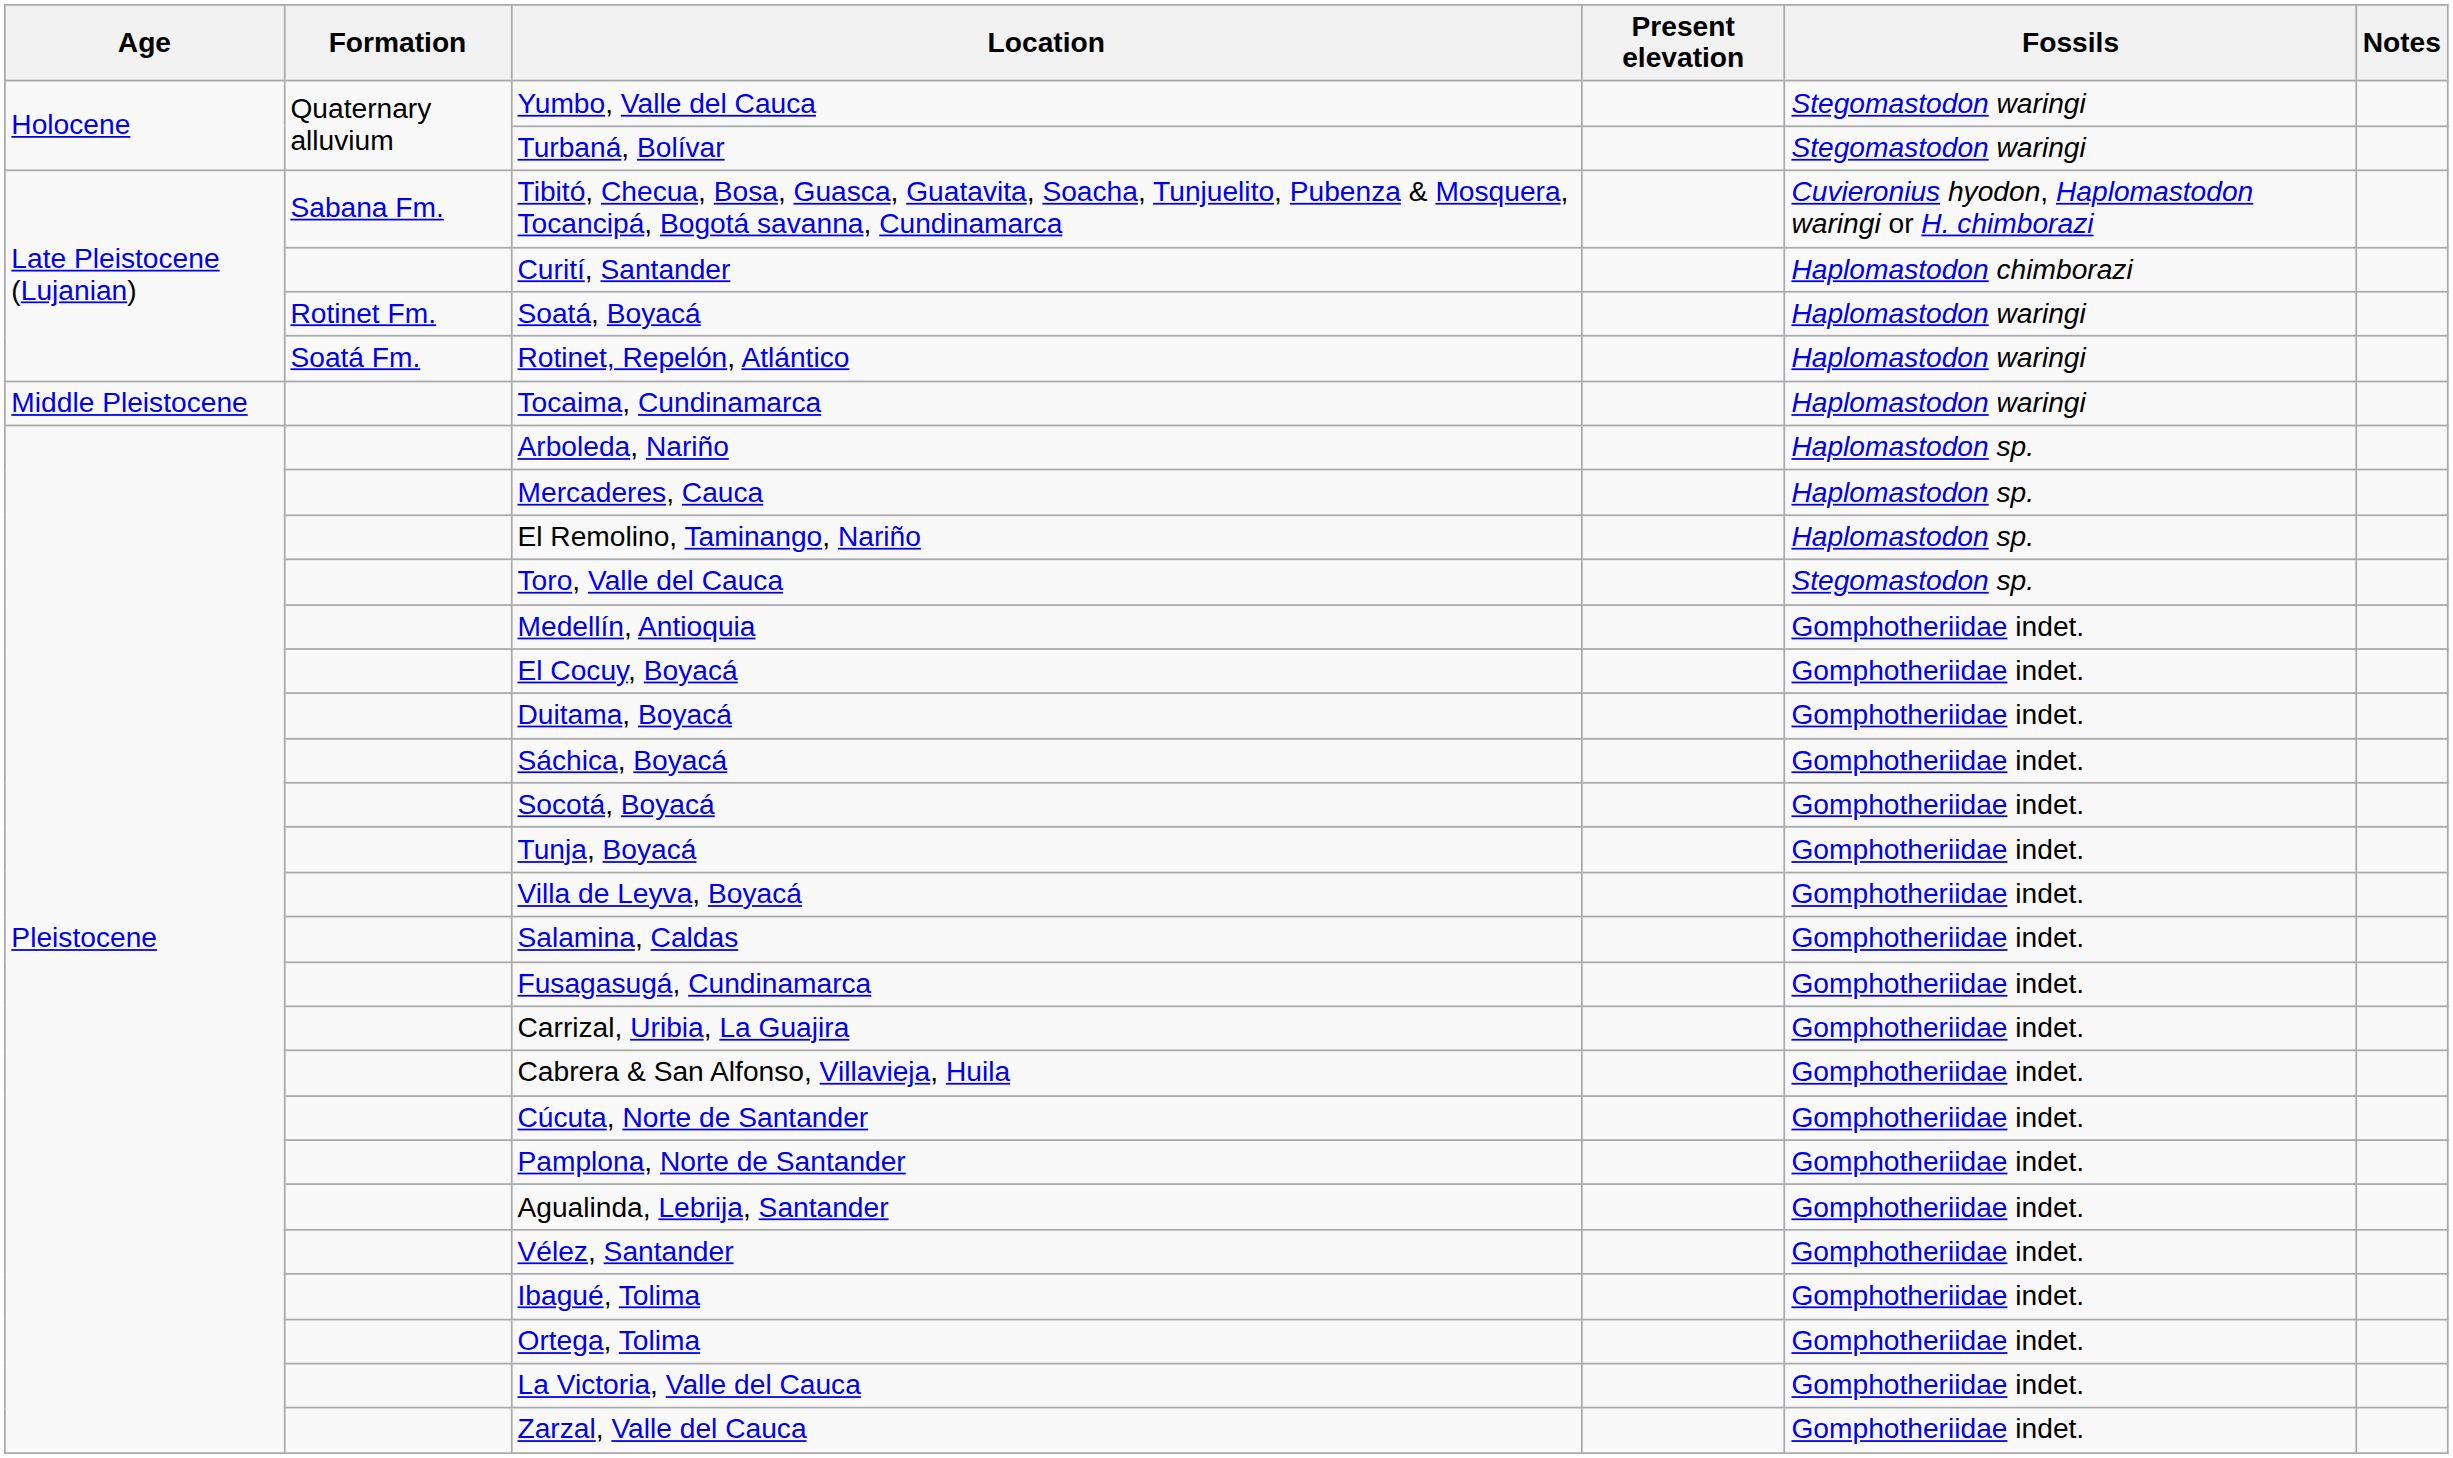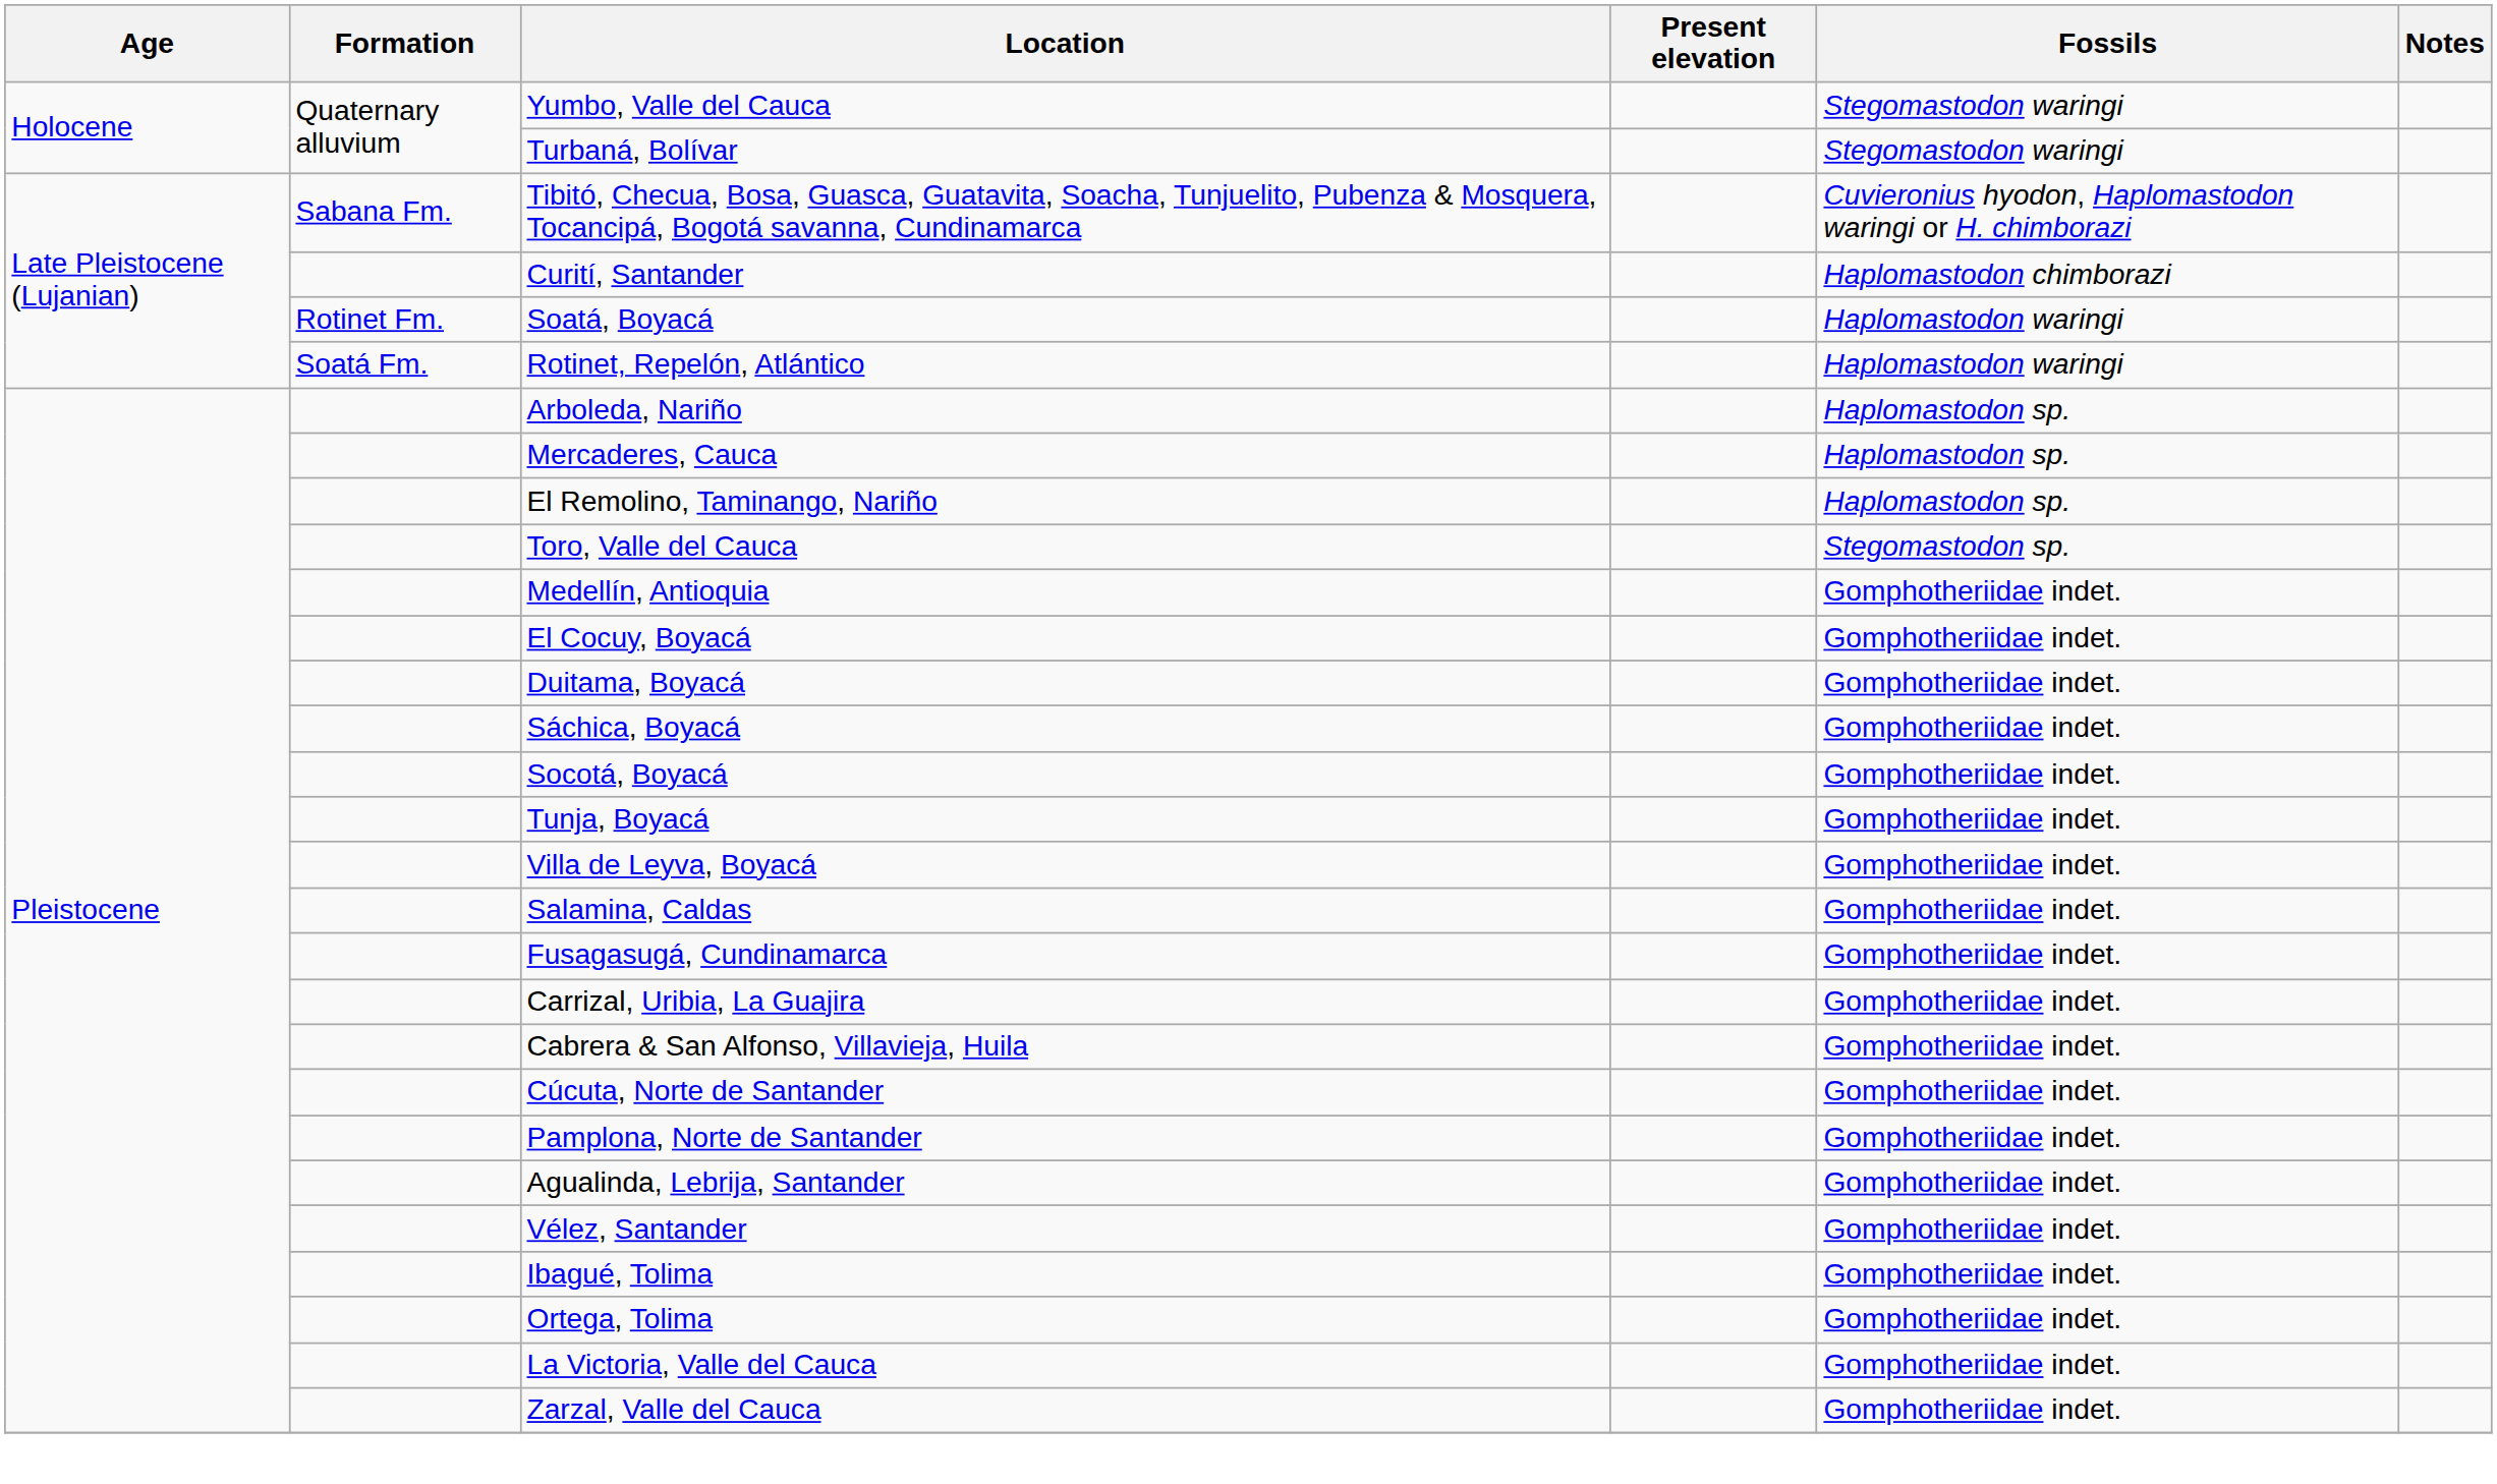 <table class="wikitable sortable" style="width: 70%;">
 <tr>
 <th>Age</th>
 <th>Formation</th>
 <th>Location</th>
 <th>Present elevation</th>
 <th>Fossils</th>
 <th class="unsortable">Notes</th>
 </tr>
 <tr>
 <td rowspan=2 style="background-color: "><a href='#'>Holocene</a></td>
 <td rowspan=2>Quaternary alluvium</td>
 <td><a href='#'>Yumbo</a>, <a href='#'>Valle del Cauca</a></td>
 <td></td>
 <td><em><a href='#'>Stegomastodon</a> waringi</em></td>
 <td></td>
 </tr>
 <tr>
 <td><a href='#'>Turbaná</a>, <a href='#'>Bolívar</a></td>
 <td></td>
 <td><em><a href='#'>Stegomastodon</a> waringi</em></td>
 <td></td>
 </tr>
 <tr>
 <td rowspan=4 style="background-color: "><a href='#'>Late Pleistocene</a> (<a href='#'>Lujanian</a>)</td>
 <td><a href='#'>Sabana Fm.</a></td>
 <td><a href='#'>Tibitó</a>, <a href='#'>Checua</a>, <a href='#'>Bosa</a>, <a href='#'>Guasca</a>, <a href='#'>Guatavita</a>, <a href='#'>Soacha</a>, <a href='#'>Tunjuelito</a>, <a href='#'>Pubenza</a> & <a href='#'>Mosquera</a>, <a href='#'>Tocancipá</a>, <a href='#'>Bogotá savanna</a>, <a href='#'>Cundinamarca</a></td>
 <td></td>
 <td><em><a href='#'>Cuvieronius</a> hyodon</em>, <em><a href='#'>Haplomastodon</a> waringi</em> or <em><a href='#'>H. chimborazi</a></em></td>
 <td></td>
 </tr>
 <tr>
 <td></td>
 <td><a href='#'>Curití</a>, <a href='#'>Santander</a></td>
 <td></td>
 <td><em><a href='#'>Haplomastodon</a> chimborazi</em></td>
 <td></td>
 </tr>
 <tr>
 <td><a href='#'>Rotinet Fm.</a></td>
 <td><a href='#'>Soatá</a>, <a href='#'>Boyacá</a></td>
 <td></td>
 <td><em><a href='#'>Haplomastodon</a> waringi</em></td>
 <td></td>
 </tr>
 <tr>
 <td><a href='#'>Soatá Fm.</a></td>
 <td><a href='#'>Rotinet, Repelón</a>, <a href='#'>Atlántico</a></td>
-<td></td>
-<td><em><a href='#'>Haplomastodon</a> waringi</em></td>
-<td></td>
-</tr>
-<tr>
-<td style="background-color: "><a href='#'>Middle Pleistocene</a></td>
-<td></td>
-<td><a href='#'>Tocaima</a>, <a href='#'>Cundinamarca</a></td>
 <td></td>
 <td><em><a href='#'>Haplomastodon</a> waringi</em></td>
 <td></td>
 </tr>
 <tr>
 <td rowspan=23 style="background-color: "><a href='#'>Pleistocene</a></td>
 <td></td>
 <td><a href='#'>Arboleda</a>, <a href='#'>Nariño</a></td>
 <td></td>
 <td><em><a href='#'>Haplomastodon</a> sp.</em></td>
 <td></td>
 </tr>
 <tr>
 <td></td>
 <td><a href='#'>Mercaderes</a>, <a href='#'>Cauca</a></td>
 <td></td>
 <td><em><a href='#'>Haplomastodon</a> sp.</em></td>
 <td></td>
 </tr>
 <tr>
 <td></td>
 <td>El Remolino, <a href='#'>Taminango</a>, <a href='#'>Nariño</a></td>
 <td></td>
 <td><em><a href='#'>Haplomastodon</a> sp.</em></td>
 <td></td>
 </tr>
 <tr>
 <td></td>
 <td><a href='#'>Toro</a>, <a href='#'>Valle del Cauca</a></td>
 <td></td>
 <td><em><a href='#'>Stegomastodon</a> sp.</em></td>
 <td></td>
 </tr>
 <tr>
 <td></td>
 <td><a href='#'>Medellín</a>, <a href='#'>Antioquia</a></td>
 <td></td>
 <td><a href='#'>Gomphotheriidae</a> indet.</td>
 <td></td>
 </tr>
 <tr>
 <td></td>
 <td><a href='#'>El Cocuy</a>, <a href='#'>Boyacá</a></td>
 <td></td>
 <td><a href='#'>Gomphotheriidae</a> indet.</td>
 <td></td>
 </tr>
 <tr>
 <td></td>
 <td><a href='#'>Duitama</a>, <a href='#'>Boyacá</a></td>
 <td></td>
 <td><a href='#'>Gomphotheriidae</a> indet.</td>
 <td></td>
 </tr>
 <tr>
 <td></td>
 <td><a href='#'>Sáchica</a>, <a href='#'>Boyacá</a></td>
 <td></td>
 <td><a href='#'>Gomphotheriidae</a> indet.</td>
 <td></td>
 </tr>
 <tr>
 <td></td>
 <td><a href='#'>Socotá</a>, <a href='#'>Boyacá</a></td>
 <td></td>
 <td><a href='#'>Gomphotheriidae</a> indet.</td>
 <td></td>
 </tr>
 <tr>
 <td></td>
 <td><a href='#'>Tunja</a>, <a href='#'>Boyacá</a></td>
 <td></td>
 <td><a href='#'>Gomphotheriidae</a> indet.</td>
 <td></td>
 </tr>
 <tr>
 <td></td>
 <td><a href='#'>Villa de Leyva</a>, <a href='#'>Boyacá</a></td>
 <td></td>
 <td><a href='#'>Gomphotheriidae</a> indet.</td>
 <td></td>
 </tr>
 <tr>
 <td></td>
 <td><a href='#'>Salamina</a>, <a href='#'>Caldas</a></td>
 <td></td>
 <td><a href='#'>Gomphotheriidae</a> indet.</td>
 <td></td>
 </tr>
 <tr>
 <td></td>
 <td><a href='#'>Fusagasugá</a>, <a href='#'>Cundinamarca</a></td>
 <td></td>
 <td><a href='#'>Gomphotheriidae</a> indet.</td>
 <td></td>
 </tr>
 <tr>
 <td></td>
 <td>Carrizal, <a href='#'>Uribia</a>, <a href='#'>La Guajira</a></td>
 <td></td>
 <td><a href='#'>Gomphotheriidae</a> indet.</td>
 <td></td>
 </tr>
 <tr>
 <td></td>
 <td>Cabrera & San Alfonso, <a href='#'>Villavieja</a>, <a href='#'>Huila</a></td>
 <td></td>
 <td><a href='#'>Gomphotheriidae</a> indet.</td>
 <td></td>
 </tr>
 <tr>
 <td></td>
 <td><a href='#'>Cúcuta</a>, <a href='#'>Norte de Santander</a></td>
 <td></td>
 <td><a href='#'>Gomphotheriidae</a> indet.</td>
 <td></td>
 </tr>
 <tr>
 <td></td>
 <td><a href='#'>Pamplona</a>, <a href='#'>Norte de Santander</a></td>
 <td></td>
 <td><a href='#'>Gomphotheriidae</a> indet.</td>
 <td></td>
 </tr>
 <tr>
 <td></td>
 <td>Agualinda, <a href='#'>Lebrija</a>, <a href='#'>Santander</a></td>
 <td></td>
 <td><a href='#'>Gomphotheriidae</a> indet.</td>
 <td></td>
 </tr>
 <tr>
 <td></td>
 <td><a href='#'>Vélez</a>, <a href='#'>Santander</a></td>
 <td></td>
 <td><a href='#'>Gomphotheriidae</a> indet.</td>
 <td></td>
 </tr>
 <tr>
 <td></td>
 <td><a href='#'>Ibagué</a>, <a href='#'>Tolima</a></td>
 <td></td>
 <td><a href='#'>Gomphotheriidae</a> indet.</td>
 <td></td>
 </tr>
 <tr>
 <td></td>
 <td><a href='#'>Ortega</a>, <a href='#'>Tolima</a></td>
 <td></td>
 <td><a href='#'>Gomphotheriidae</a> indet.</td>
 <td></td>
 </tr>
 <tr>
 <td></td>
 <td><a href='#'>La Victoria</a>, <a href='#'>Valle del Cauca</a></td>
 <td></td>
 <td><a href='#'>Gomphotheriidae</a> indet.</td>
 <td></td>
 </tr>
 <tr>
 <td></td>
 <td><a href='#'>Zarzal</a>, <a href='#'>Valle del Cauca</a></td>
 <td></td>
 <td><a href='#'>Gomphotheriidae</a> indet.</td>
 <td></td>
 </tr>
 <tr>
 </tr>
 </table>
